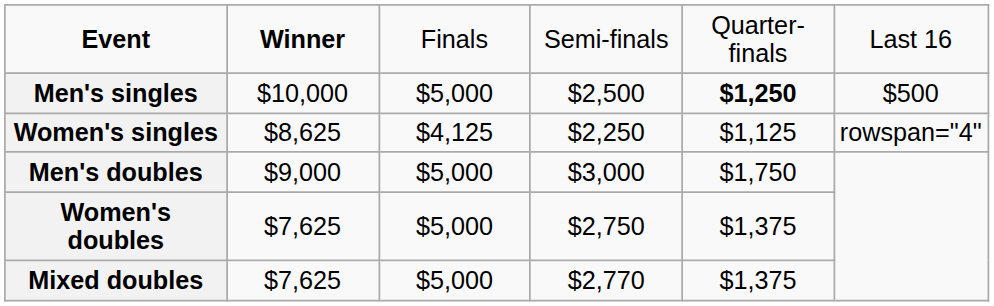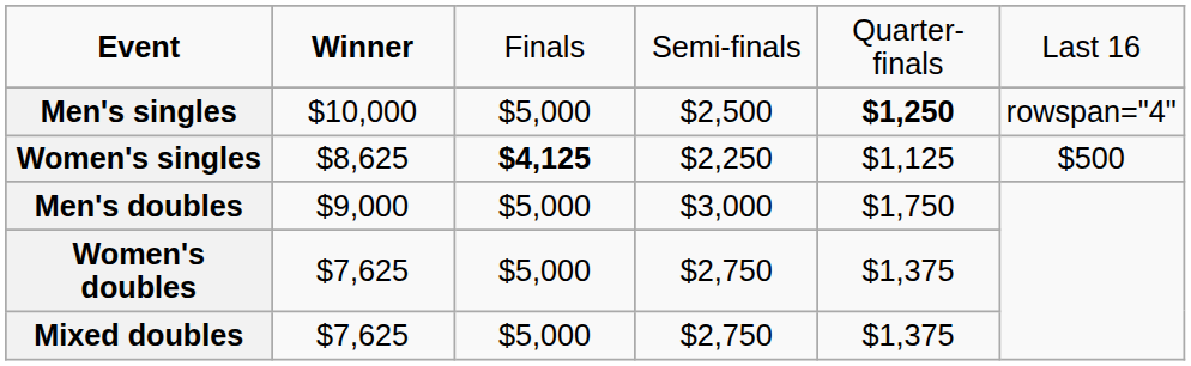 <table class="wikitable" style="font-size:90%; text-align:center">
 <tr>
 <td width="120"><strong>Event</strong></td>
 <td width="80"><strong>Winner</strong></td>
 <td width="80">Finals</td>
 <td width="80">Semi-finals</td>
 <td width="80">Quarter-finals</td>
 <td width="80">Last 16</td>
 </tr>
 <tr>
 <th>Men's singles</th>
 <td>$10,000</td>
 <td>$5,000</td>
 <td>$2,500</td>
 <td><strong>$1,250</strong></td>
-<td>$500</td>
+<td>rowspan="4" </td>
 </tr>
 <tr>
 <th>Women's singles</th>
 <td>$8,625</td>
-<td>$4,125</td>
+<td><strong>$4,125</strong></td>
 <td>$2,250</td>
 <td>$1,125</td>
-<td>rowspan="4" </td>
+<td>$500</td>
 </tr>
 <tr>
 <th>Men's doubles</th>
 <td>$9,000</td>
 <td>$5,000</td>
 <td>$3,000</td>
 <td>$1,750</td>
 </tr>
 <tr>
 <th>Women's doubles</th>
 <td>$7,625</td>
 <td>$5,000</td>
 <td>$2,750</td>
 <td>$1,375</td>
 </tr>
 <tr>
 <th>Mixed doubles</th>
 <td>$7,625</td>
 <td>$5,000</td>
-<td>$2,770</td>
+<td>$2,750</td>
 <td>$1,375</td>
 </tr>
 </table>
